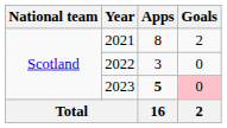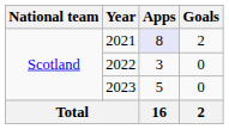 <table class="wikitable" style="text-align:center">
 <tr>
 <th>National team</th>
 <th>Year</th>
 <th>Apps</th>
 <th>Goals</th>
 </tr>
 <tr>
 <td rowspan="3"><a href='#'>Scotland</a></td>
 <td>2021</td>
-<td>8</td>
+<td style="background: lavender;">8</td>
 <td>2</td>
 </tr>
 <tr>
 <td>2022</td>
 <td>3</td>
 <td>0</td>
 </tr>
 <tr>
 <td>2023</td>
-<td><strong>5</strong></td>
-<td style="background: pink;">0</td>
+<td>5</td>
+<td>0</td>
 </tr>
 <tr>
 <th colspan="2">Total</th>
 <th>16</th>
 <th>2</th>
 </tr>
 </table>
